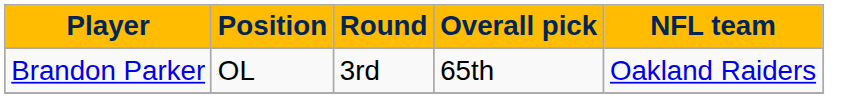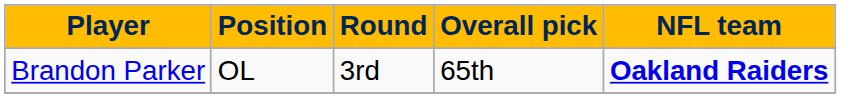 <table class="wikitable" border="1">
 <tr>
 <th style="background: #FFBC00; color: #002659">Player</th>
 <th style="background: #FFBC00; color: #002659">Position</th>
 <th style="background: #FFBC00; color: #002659">Round</th>
 <th style="background: #FFBC00; color: #002659">Overall pick</th>
 <th style="background: #FFBC00; color: #002659">NFL team</th>
 </tr>
 <tr>
 <td><a href='#'>Brandon Parker</a></td>
 <td>OL</td>
 <td>3rd</td>
 <td>65th</td>
-<td><a href='#'>Oakland Raiders</a></td>
+<td><strong><a href='#'>Oakland Raiders</a></strong></td>
 </tr>
 <tr>
 </tr>
 </table>
